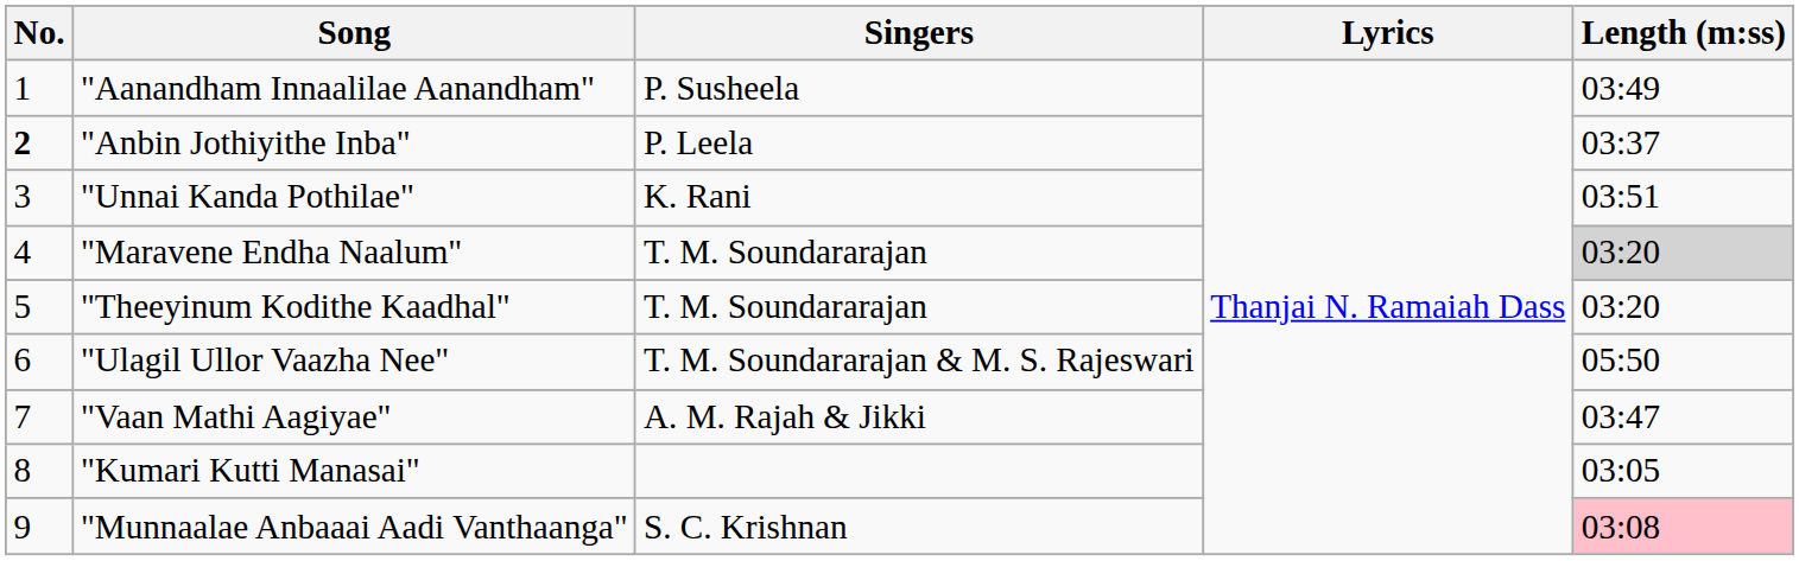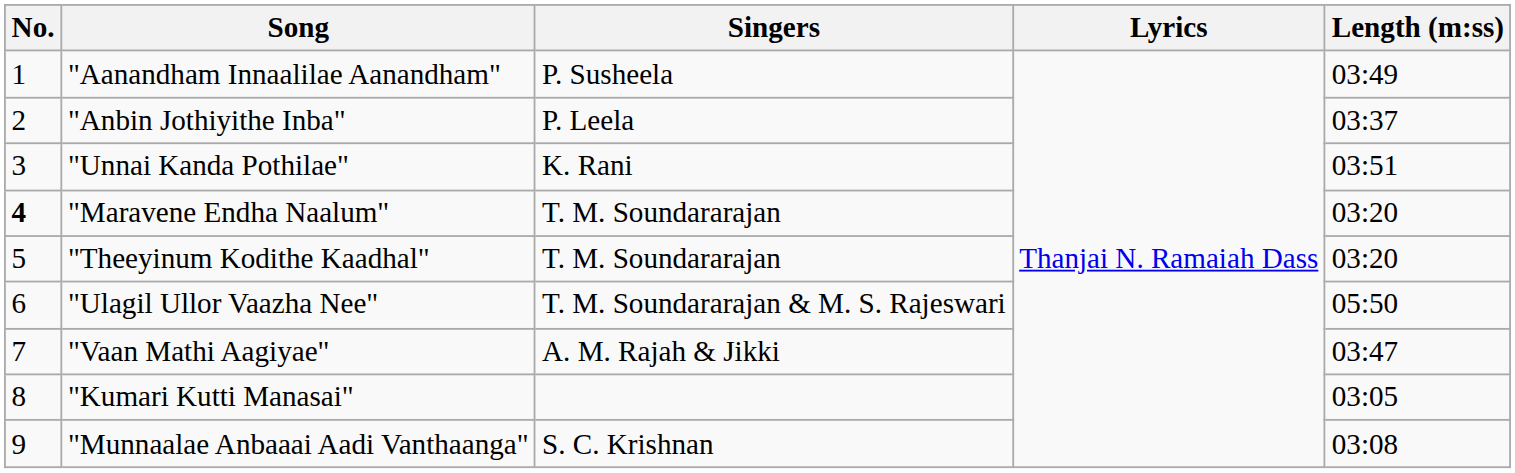 <table class="wikitable">
 <tr>
 <th>No.</th>
 <th>Song</th>
 <th>Singers</th>
 <th>Lyrics</th>
 <th>Length (m:ss)</th>
 </tr>
 <tr>
 <td>1</td>
 <td>"Aanandham Innaalilae Aanandham"</td>
 <td>P. Susheela</td>
 <td Rowspan=9><a href='#'>Thanjai N. Ramaiah Dass</a></td>
 <td>03:49</td>
 </tr>
 <tr>
-<td><strong>2</strong></td>
+<td>2</td>
 <td>"Anbin Jothiyithe Inba"</td>
 <td>P. Leela</td>
 <td>03:37</td>
 </tr>
 <tr>
 <td>3</td>
 <td>"Unnai Kanda Pothilae"</td>
 <td>K. Rani</td>
 <td>03:51</td>
 </tr>
 <tr>
-<td>4</td>
+<td><strong>4</strong></td>
 <td>"Maravene Endha Naalum"</td>
 <td>T. M. Soundararajan</td>
-<td style="background: lightgrey;">03:20</td>
+<td>03:20</td>
 </tr>
 <tr>
 <td>5</td>
 <td>"Theeyinum Kodithe Kaadhal"</td>
 <td>T. M. Soundararajan</td>
 <td>03:20</td>
 </tr>
 <tr>
 <td>6</td>
 <td>"Ulagil Ullor Vaazha Nee"</td>
 <td>T. M. Soundararajan & M. S. Rajeswari</td>
 <td>05:50</td>
 </tr>
 <tr>
 <td>7</td>
 <td>"Vaan Mathi Aagiyae"</td>
 <td>A. M. Rajah & Jikki</td>
 <td>03:47</td>
 </tr>
 <tr>
 <td>8</td>
 <td>"Kumari Kutti Manasai"</td>
 <td></td>
 <td>03:05</td>
 </tr>
 <tr>
 <td>9</td>
 <td>"Munnaalae Anbaaai Aadi Vanthaanga"</td>
 <td>S. C. Krishnan</td>
-<td style="background: pink;">03:08</td>
+<td>03:08</td>
 </tr>
 </table>
